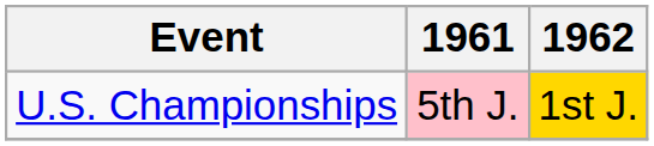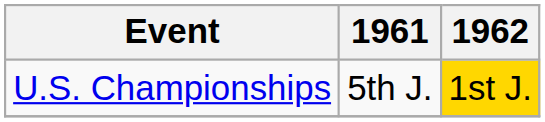 <table class="wikitable">
 <tr>
 <th>Event</th>
 <th>1961</th>
 <th>1962</th>
 </tr>
 <tr>
 <td><a href='#'>U.S. Championships</a></td>
-<td align="center" style="background: pink;">5th J.</td>
+<td align="center">5th J.</td>
 <td align="center" bgcolor="gold">1st J.</td>
 </tr>
 <tr>
 </tr>
 </table>
